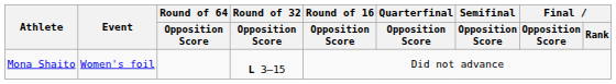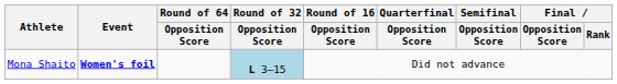 <table class="wikitable" style="font-size:90%">
 <tr>
 <th rowspan=2>Athlete</th>
 <th rowspan=2>Event</th>
 <th>Round of 64</th>
 <th>Round of 32</th>
 <th>Round of 16</th>
 <th>Quarterfinal</th>
 <th>Semifinal</th>
 <th colspan=2>Final / </th>
 </tr>
 <tr style="font-size:95%">
 <th>Opposition<br>Score</th>
 <th>Opposition<br>Score</th>
 <th>Opposition<br>Score</th>
 <th>Opposition<br>Score</th>
 <th>Opposition<br>Score</th>
 <th>Opposition<br>Score</th>
 <th>Rank</th>
 </tr>
 <tr align=center>
 <td align=left><a href='#'>Mona Shaito</a></td>
-<td align=left><a href='#'>Women's foil</a></td>
+<td align=left><strong><a href='#'>Women's foil</a></strong></td>
 <td></td>
-<td><br><strong>L</strong> 3–15</td>
+<td style="background: lightblue;"><br><strong>L</strong> 3–15</td>
 <td colspan=5>Did not advance</td>
 </tr>
 </table>
